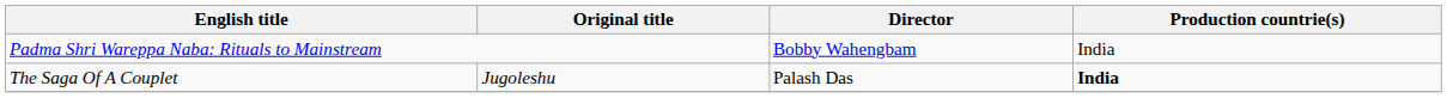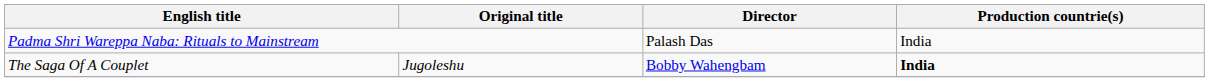 <table class="sortable wikitable" style="width:100%; margin-bottom:4px" cellpadding="5">
 <tr>
 <th scope="col">English title</th>
 <th scope="col">Original title</th>
 <th scope="col">Director</th>
 <th scope="col">Production countrie(s)</th>
 </tr>
 <tr>
 <td colspan="2"><em><a href='#'>Padma Shri Wareppa Naba: Rituals to Mainstream</a></em></td>
-<td><a href='#'>Bobby Wahengbam</a></td>
+<td>Palash Das</td>
 <td>India</td>
 </tr>
 <tr>
 <td><em>The Saga Of A Couplet</em></td>
 <td><em>Jugoleshu</em></td>
-<td>Palash Das</td>
+<td><a href='#'>Bobby Wahengbam</a></td>
 <td><strong>India</strong></td>
 </tr>
 <tr>
 </tr>
 </table>
